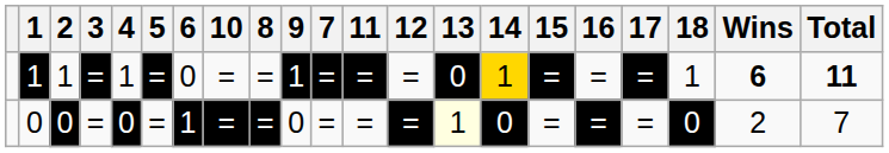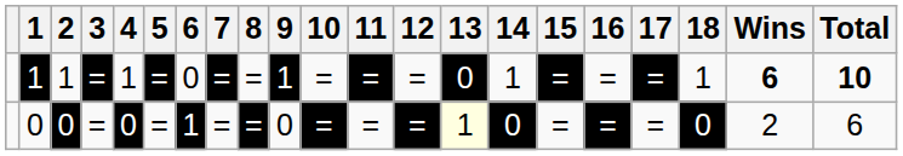 <table class="wikitable" style="text-align:center">
 <tr>
 <th></th>
 <th>1</th>
 <th>2</th>
 <th>3</th>
 <th>4</th>
 <th>5</th>
 <th>6</th>
-<th>10</th>
+<th>7</th>
 <th>8</th>
 <th>9</th>
-<th>7</th>
+<th>10</th>
 <th>11</th>
 <th>12</th>
 <th>13</th>
 <th>14</th>
 <th>15</th>
 <th>16</th>
 <th>17</th>
 <th>18</th>
 <th>Wins</th>
 <th>Total</th>
 </tr>
 <tr>
 <td align=left></td>
 <td style="background:black; color:white">1</td>
 <td>1</td>
 <td style="background:black; color:white">=</td>
 <td>1</td>
 <td style="background:black; color:white">=</td>
 <td>0</td>
-<td>=</td>
+<td style="background:black; color:white">=</td>
 <td>=</td>
 <td style="background:black; color:white">1</td>
-<td style="background:black; color:white">=</td>
+<td>=</td>
 <td style="background:black; color:white">=</td>
 <td>=</td>
 <td style="background:black; color:white">0</td>
-<td style="background: gold;">1</td>
+<td>1</td>
 <td style="background:black; color:white">=</td>
 <td>=</td>
 <td style="background:black; color:white">=</td>
 <td>1</td>
 <td><strong>6</strong></td>
-<td><strong>11</strong></td>
+<td><strong>10</strong></td>
 </tr>
 <tr>
 <td align=left></td>
 <td>0</td>
 <td style="background:black; color:white">0</td>
 <td>=</td>
 <td style="background:black; color:white">0</td>
 <td>=</td>
 <td style="background:black; color:white">1</td>
-<td style="background:black; color:white">=</td>
+<td>=</td>
 <td style="background:black; color:white">=</td>
 <td>0</td>
-<td>=</td>
+<td style="background:black; color:white">=</td>
 <td>=</td>
 <td style="background:black; color:white">=</td>
 <td style="background: lightyellow;">1</td>
 <td style="background:black; color:white">0</td>
 <td>=</td>
 <td style="background:black; color:white">=</td>
 <td>=</td>
 <td style="background:black; color:white">0</td>
 <td>2</td>
-<td>7</td>
+<td>6</td>
 </tr>
 </table>
